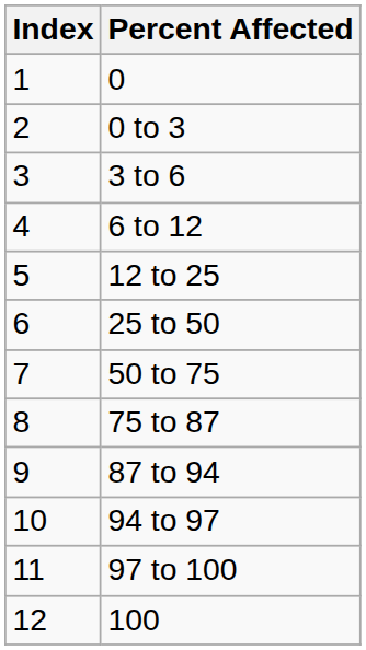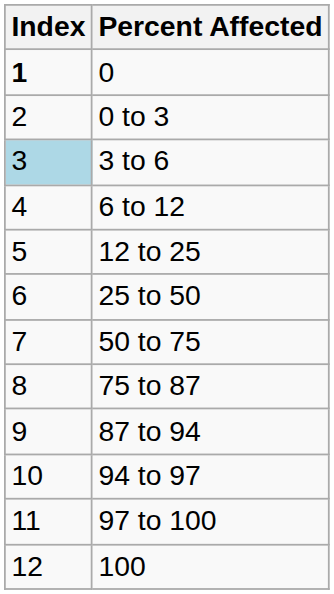 <table class="wikitable">
 <tr>
 <th>Index</th>
 <th>Percent Affected</th>
 </tr>
 <tr>
-<td>1</td>
+<td><strong>1</strong></td>
 <td>0</td>
 </tr>
 <tr>
 <td>2</td>
 <td>0 to 3</td>
 </tr>
 <tr>
-<td>3</td>
+<td style="background: lightblue;">3</td>
 <td>3 to 6</td>
 </tr>
 <tr>
 <td>4</td>
 <td>6 to 12</td>
 </tr>
 <tr>
 <td>5</td>
 <td>12 to 25</td>
 </tr>
 <tr>
 <td>6</td>
 <td>25 to 50</td>
 </tr>
 <tr>
 <td>7</td>
 <td>50 to 75</td>
 </tr>
 <tr>
 <td>8</td>
 <td>75 to 87</td>
 </tr>
 <tr>
 <td>9</td>
 <td>87 to 94</td>
 </tr>
 <tr>
 <td>10</td>
 <td>94 to 97</td>
 </tr>
 <tr>
 <td>11</td>
 <td>97 to 100</td>
 </tr>
 <tr>
 <td>12</td>
 <td>100</td>
 </tr>
 </table>
